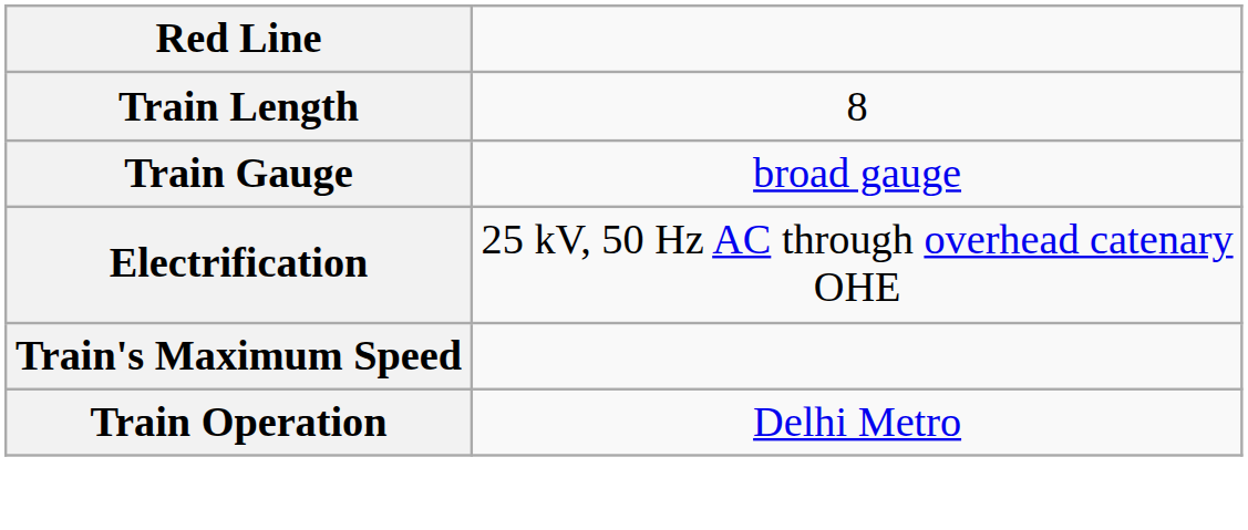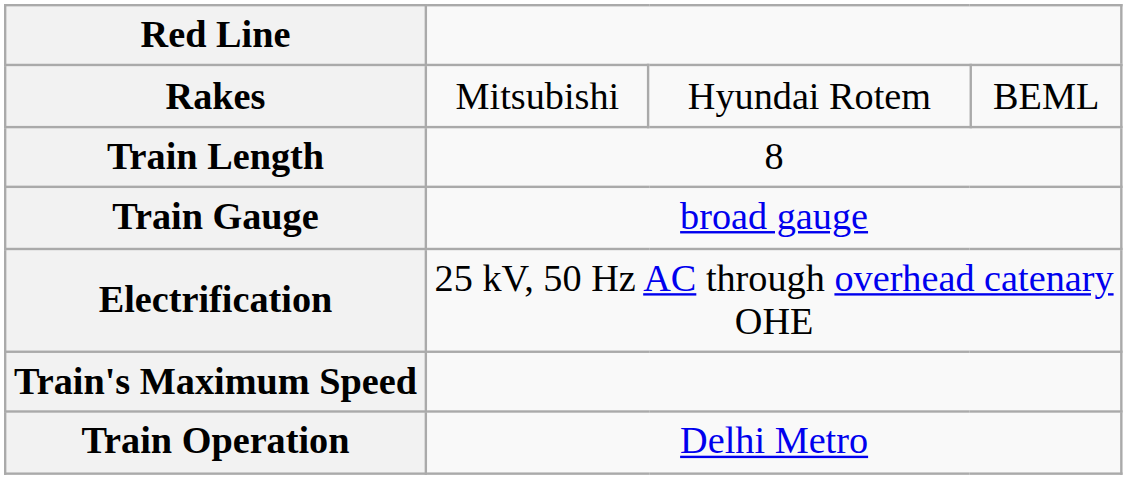 <table class="wikitable" style="text-align:center">
 <tr>
 <th style="background:#"><span>Red Line</span></th>
+</tr>
+<tr>
+<th>Rakes</th>
+<td>Mitsubishi</td>
+<td>Hyundai Rotem</td>
+<td>BEML</td>
 </tr>
 <tr>
 <th>Train Length</th>
 <td colspan="3">8</td>
 </tr>
 <tr>
 <th>Train Gauge</th>
 <td colspan="3"> <a href='#'>broad gauge</a></td>
 </tr>
 <tr>
 <th>Electrification</th>
 <td colspan="3">25 kV, 50 Hz <a href='#'>AC</a> through <a href='#'>overhead catenary</a><br>OHE</td>
 </tr>
 <tr>
 <th>Train's Maximum Speed</th>
 <td colspan="3"></td>
 </tr>
 <tr>
 <th>Train Operation</th>
 <td colspan="3"><a href='#'>Delhi Metro</a></td>
 </tr>
 </table>
